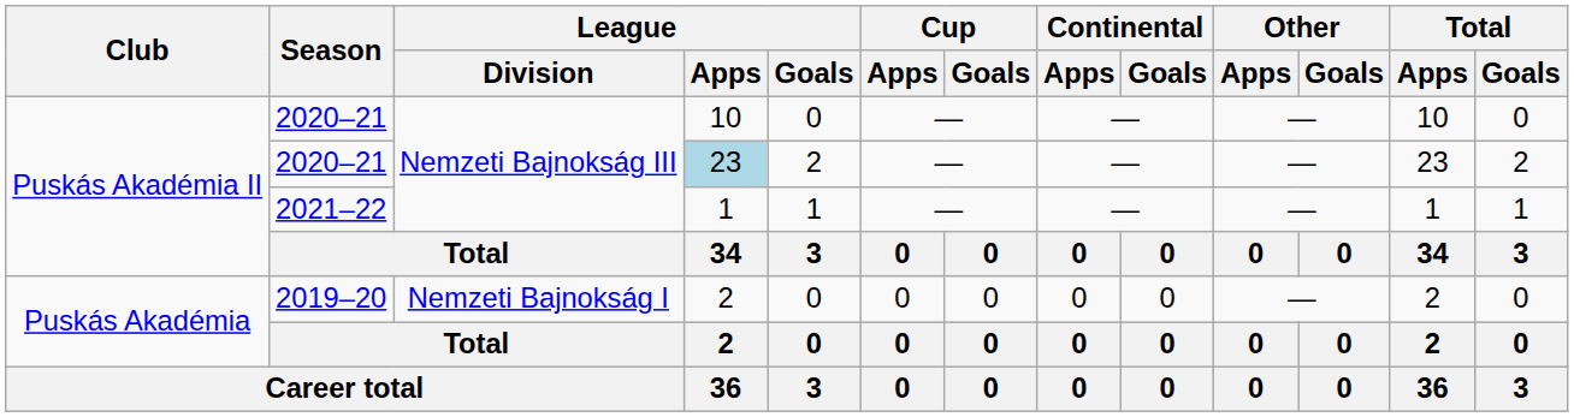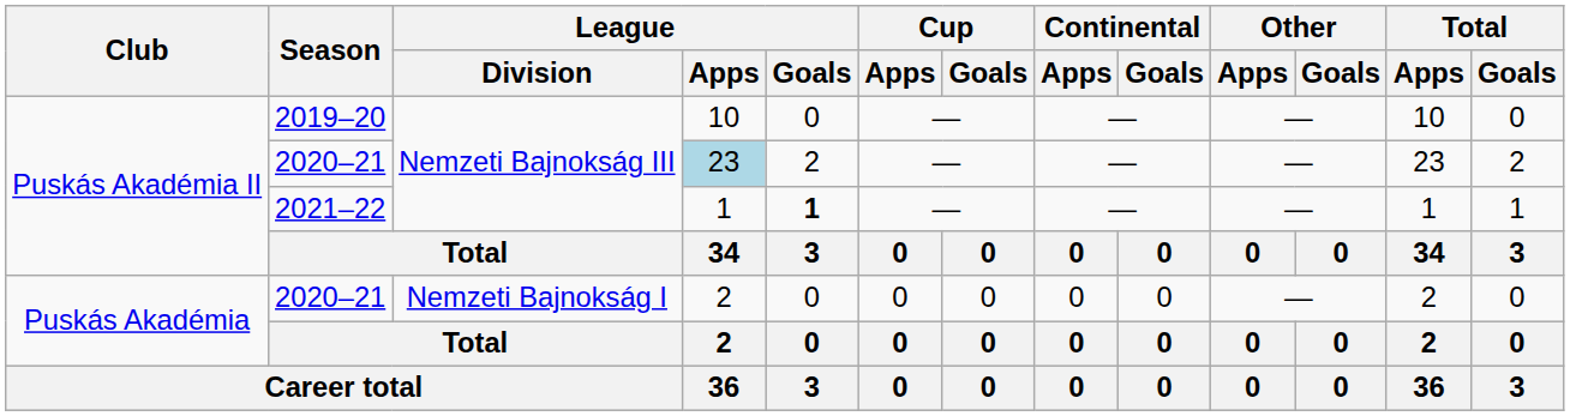 <table class="wikitable" style="text-align:center">
 <tr>
 <th rowspan="2">Club</th>
 <th rowspan="2">Season</th>
 <th colspan="3">League</th>
 <th colspan="2">Cup</th>
 <th colspan="2">Continental</th>
 <th colspan="2">Other</th>
 <th colspan="2">Total</th>
 </tr>
 <tr>
 <th>Division</th>
 <th>Apps</th>
 <th>Goals</th>
 <th>Apps</th>
 <th>Goals</th>
 <th>Apps</th>
 <th>Goals</th>
 <th>Apps</th>
 <th>Goals</th>
 <th>Apps</th>
 <th>Goals</th>
 </tr>
 <tr>
 <td rowspan="4"><a href='#'>Puskás Akadémia II</a></td>
-<td><a href='#'>2020–21</a></td>
+<td><a href='#'>2019–20</a></td>
 <td rowspan="3"><a href='#'>Nemzeti Bajnokság III</a></td>
 <td>10</td>
 <td>0</td>
 <td colspan="2">—</td>
 <td colspan="2">—</td>
 <td colspan="2">—</td>
 <td>10</td>
 <td>0</td>
 </tr>
 <tr>
 <td><a href='#'>2020–21</a></td>
 <td style="background: lightblue;">23</td>
 <td>2</td>
 <td colspan="2">—</td>
 <td colspan="2">—</td>
 <td colspan="2">—</td>
 <td>23</td>
 <td>2</td>
 </tr>
 <tr>
 <td><a href='#'>2021–22</a></td>
 <td>1</td>
-<td>1</td>
+<td><strong>1</strong></td>
 <td colspan="2">—</td>
 <td colspan="2">—</td>
 <td colspan="2">—</td>
 <td>1</td>
 <td>1</td>
 </tr>
 <tr>
 <th colspan="2">Total</th>
 <th>34</th>
 <th>3</th>
 <th>0</th>
 <th>0</th>
 <th>0</th>
 <th>0</th>
 <th>0</th>
 <th>0</th>
 <th>34</th>
 <th>3</th>
 </tr>
 <tr>
 <td rowspan="2"><a href='#'>Puskás Akadémia</a></td>
-<td><a href='#'>2019–20</a></td>
+<td><a href='#'>2020–21</a></td>
 <td rowspan="1"><a href='#'>Nemzeti Bajnokság I</a></td>
 <td>2</td>
 <td>0</td>
 <td>0</td>
 <td>0</td>
 <td>0</td>
 <td>0</td>
 <td colspan="2">—</td>
 <td>2</td>
 <td>0</td>
 </tr>
 <tr>
 <th colspan="2">Total</th>
 <th>2</th>
 <th>0</th>
 <th>0</th>
 <th>0</th>
 <th>0</th>
 <th>0</th>
 <th>0</th>
 <th>0</th>
 <th>2</th>
 <th>0</th>
 </tr>
 <tr>
 <th colspan="3">Career total</th>
 <th>36</th>
 <th>3</th>
 <th>0</th>
 <th>0</th>
 <th>0</th>
 <th>0</th>
 <th>0</th>
 <th>0</th>
 <th>36</th>
 <th>3</th>
 </tr>
 </table>
